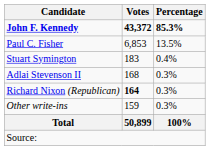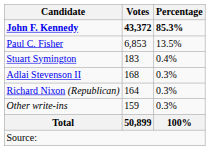 <table class="wikitable">
 <tr>
 <th>Candidate</th>
 <th>Votes</th>
 <th>Percentage</th>
 </tr>
 <tr>
 <td><strong><a href='#'>John F. Kennedy</a></strong></td>
 <td><strong>43,372</strong></td>
 <td><strong>85.3%</strong></td>
 </tr>
 <tr>
 <td><a href='#'>Paul C. Fisher</a></td>
 <td>6,853</td>
 <td>13.5%</td>
 </tr>
 <tr>
 <td><a href='#'>Stuart Symington</a></td>
 <td>183</td>
 <td>0.4%</td>
 </tr>
 <tr>
 <td><a href='#'>Adlai Stevenson II</a></td>
 <td>168</td>
 <td>0.3%</td>
 </tr>
 <tr>
 <td><a href='#'>Richard Nixon</a> <em>(Republican)</em></td>
-<td><strong>164</strong></td>
+<td>164</td>
 <td>0.3%</td>
 </tr>
 <tr>
 <td><em>Other write-ins</em></td>
 <td>159</td>
 <td>0.3%</td>
 </tr>
 <tr>
 <th>Total</th>
 <th>50,899</th>
 <th>100%</th>
 </tr>
 <tr>
 <td colspan="3">Source:</td>
 </tr>
 </table>
